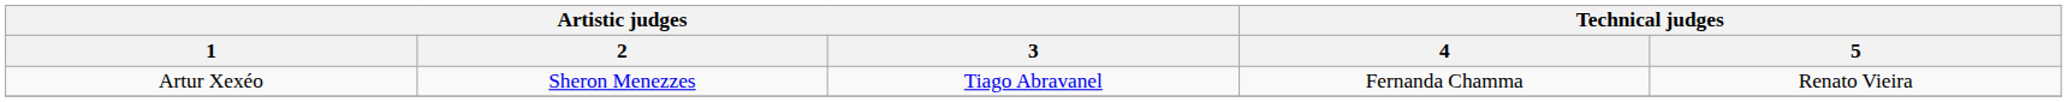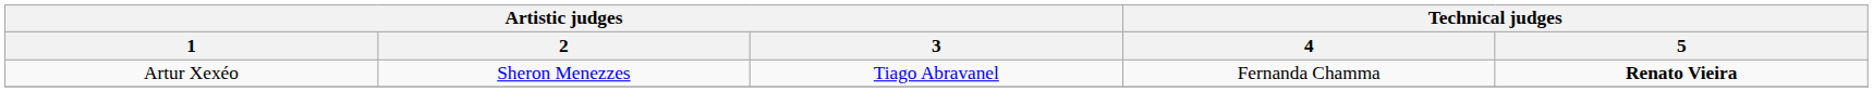 <table class="wikitable" style="font-size:100%; line-height:16px; text-align:center" width="100%">
 <tr>
 <th colspan=3>Artistic judges</th>
 <th colspan=2>Technical judges</th>
 </tr>
 <tr>
 <th>1</th>
 <th>2</th>
 <th>3</th>
 <th>4</th>
 <th>5</th>
 </tr>
 <tr>
 <td width=150>Artur Xexéo</td>
 <td width=150><a href='#'>Sheron Menezzes</a></td>
 <td width=150><a href='#'>Tiago Abravanel</a></td>
 <td width=150>Fernanda Chamma</td>
-<td width=150>Renato Vieira</td>
+<td width=150><strong>Renato Vieira</strong></td>
 </tr>
 <tr>
 </tr>
 </table>
